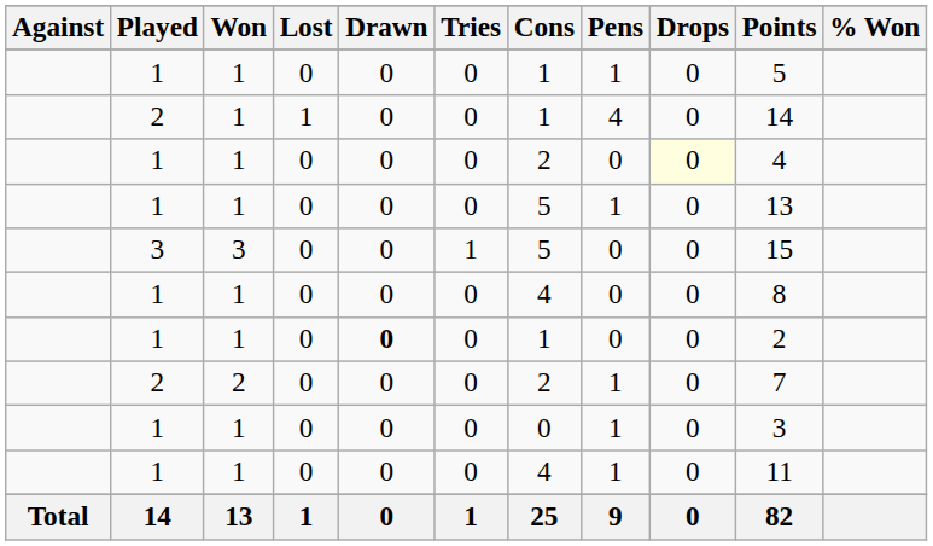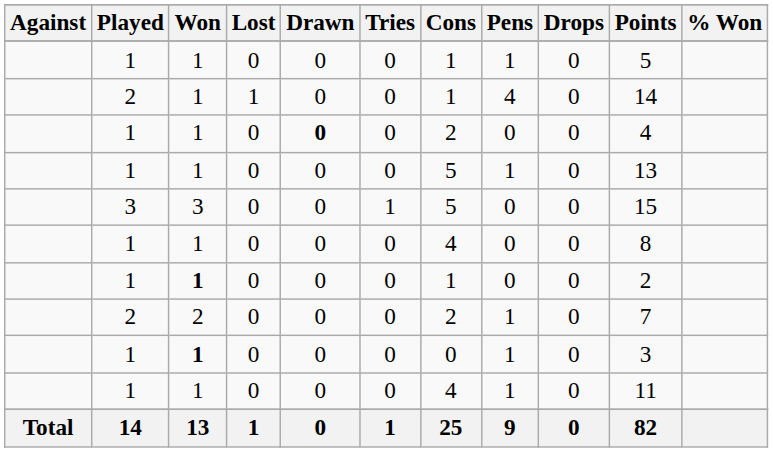 <table class="sortable wikitable" style="text-align: center;">
 <tr>
 </tr>
 <tr>
 <th>Against</th>
 <th>Played</th>
 <th>Won</th>
 <th>Lost</th>
 <th>Drawn</th>
 <th>Tries</th>
 <th>Cons</th>
 <th>Pens</th>
 <th>Drops</th>
 <th>Points</th>
 <th>% Won</th>
 </tr>
 <tr bgcolor="#d0ffd0" align="center">
 </tr>
 <tr>
 <td align="left"></td>
 <td>1</td>
 <td>1</td>
 <td>0</td>
 <td>0</td>
 <td>0</td>
 <td>1</td>
 <td>1</td>
 <td>0</td>
 <td>5</td>
 <td></td>
 </tr>
 <tr>
 <td align="left"></td>
 <td>2</td>
 <td>1</td>
 <td>1</td>
 <td>0</td>
 <td>0</td>
 <td>1</td>
 <td>4</td>
 <td>0</td>
 <td>14</td>
 <td></td>
 </tr>
 <tr>
 <td align="left"></td>
 <td>1</td>
 <td>1</td>
 <td>0</td>
-<td>0</td>
+<td><strong>0</strong></td>
 <td>0</td>
 <td>2</td>
 <td>0</td>
-<td style="background: lightyellow;">0</td>
+<td>0</td>
 <td>4</td>
 <td></td>
 </tr>
 <tr>
 <td align="left"></td>
 <td>1</td>
 <td>1</td>
 <td>0</td>
 <td>0</td>
 <td>0</td>
 <td>5</td>
 <td>1</td>
 <td>0</td>
 <td>13</td>
 <td></td>
 </tr>
 <tr>
 <td align="left"></td>
 <td>3</td>
 <td>3</td>
 <td>0</td>
 <td>0</td>
 <td>1</td>
 <td>5</td>
 <td>0</td>
 <td>0</td>
 <td>15</td>
 <td></td>
 </tr>
 <tr>
 <td align="left"></td>
 <td>1</td>
 <td>1</td>
 <td>0</td>
 <td>0</td>
 <td>0</td>
 <td>4</td>
 <td>0</td>
 <td>0</td>
 <td>8</td>
 <td></td>
 </tr>
 <tr>
 <td align="left"></td>
 <td>1</td>
-<td>1</td>
+<td><strong>1</strong></td>
 <td>0</td>
-<td><strong>0</strong></td>
+<td>0</td>
 <td>0</td>
 <td>1</td>
 <td>0</td>
 <td>0</td>
 <td>2</td>
 <td></td>
 </tr>
 <tr>
 <td align="left"></td>
 <td>2</td>
 <td>2</td>
 <td>0</td>
 <td>0</td>
 <td>0</td>
 <td>2</td>
 <td>1</td>
 <td>0</td>
 <td>7</td>
 <td></td>
 </tr>
 <tr>
 <td align="left"></td>
 <td>1</td>
-<td>1</td>
+<td><strong>1</strong></td>
 <td>0</td>
 <td>0</td>
 <td>0</td>
 <td>0</td>
 <td>1</td>
 <td>0</td>
 <td>3</td>
 <td></td>
 </tr>
 <tr>
 <td align="left"></td>
 <td>1</td>
 <td>1</td>
 <td>0</td>
 <td>0</td>
 <td>0</td>
 <td>4</td>
 <td>1</td>
 <td>0</td>
 <td>11</td>
 <td></td>
 </tr>
 <tr>
 </tr>
 <tr class="sortbottom">
 <th>Total</th>
 <th>14</th>
 <th>13</th>
 <th>1</th>
 <th>0</th>
 <th>1</th>
 <th>25</th>
 <th>9</th>
 <th>0</th>
 <th>82</th>
 <th></th>
 </tr>
 </table>
